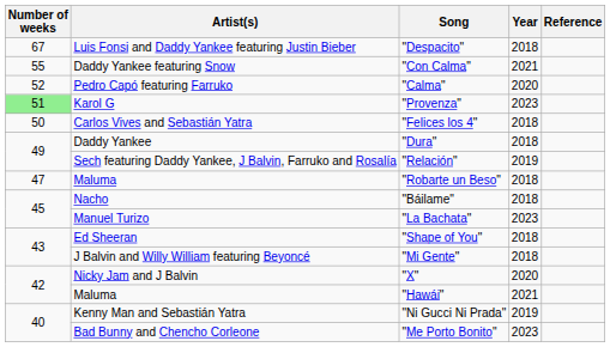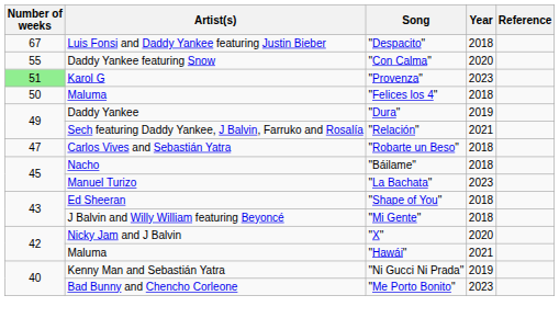 <table class="wikitable" style="font-size:95%;">
 <tr>
 <th>Number of <br> weeks</th>
 <th>Artist(s)</th>
 <th>Song</th>
 <th>Year</th>
 <th>Reference</th>
 </tr>
 <tr>
 <td style="text-align:center;">67</td>
 <td><a href='#'>Luis Fonsi</a> and <a href='#'>Daddy Yankee</a> featuring <a href='#'>Justin Bieber</a></td>
 <td>"<a href='#'>Despacito</a>"</td>
 <td>2018</td>
 <td align="center"></td>
 </tr>
 <tr>
 <td style="text-align:center;">55</td>
 <td>Daddy Yankee featuring <a href='#'>Snow</a></td>
 <td>"<a href='#'>Con Calma</a>"</td>
-<td>2021</td>
-<td align="center"></td>
-</tr>
-<tr>
-<td style="text-align:center;">52</td>
-<td><a href='#'>Pedro Capó</a> featuring <a href='#'>Farruko</a></td>
-<td>"<a href='#'>Calma</a>"</td>
 <td>2020</td>
 <td align="center"></td>
 </tr>
 <tr>
 <td style="background: lightgreen; text-align:center;">51</td>
 <td><a href='#'>Karol G</a></td>
 <td>"<a href='#'>Provenza</a>"</td>
 <td>2023</td>
 <td align="center"></td>
 </tr>
 <tr>
 <td style="text-align:center;">50</td>
-<td><a href='#'>Carlos Vives</a> and <a href='#'>Sebastián Yatra</a></td>
+<td><a href='#'>Maluma</a></td>
 <td>"<a href='#'>Felices los 4</a>"</td>
 <td>2018</td>
 <td align="center"></td>
 </tr>
 <tr>
 <td rowspan="2" style="text-align:center;">49</td>
 <td>Daddy Yankee</td>
 <td>"<a href='#'>Dura</a>"</td>
-<td>2018</td>
+<td>2019</td>
 <td align="center"></td>
 </tr>
 <tr>
 <td><a href='#'>Sech</a> featuring Daddy Yankee, <a href='#'>J Balvin</a>, Farruko and <a href='#'>Rosalía</a></td>
 <td>"<a href='#'>Relación</a>"</td>
-<td>2019</td>
+<td>2021</td>
 <td align="center"></td>
 </tr>
 <tr>
 <td style="text-align:center;">47</td>
-<td><a href='#'>Maluma</a></td>
+<td><a href='#'>Carlos Vives</a> and <a href='#'>Sebastián Yatra</a></td>
 <td>"<a href='#'>Robarte un Beso</a>"</td>
 <td>2018</td>
 <td align="center"></td>
 </tr>
 <tr>
 <td rowspan="2" style="text-align:center;">45</td>
 <td><a href='#'>Nacho</a></td>
 <td>"Báilame"</td>
 <td>2018</td>
 <td align="center"></td>
 </tr>
 <tr>
 <td><a href='#'>Manuel Turizo</a></td>
 <td>"<a href='#'>La Bachata</a>"</td>
 <td>2023</td>
 <td align="center"></td>
 </tr>
 <tr>
 <td rowspan="2" style="text-align:center;">43</td>
 <td><a href='#'>Ed Sheeran</a></td>
 <td>"<a href='#'>Shape of You</a>"</td>
 <td>2018</td>
 <td align="center"></td>
 </tr>
 <tr>
 <td>J Balvin and <a href='#'>Willy William</a> featuring <a href='#'>Beyoncé</a></td>
 <td>"<a href='#'>Mi Gente</a>"</td>
 <td>2018</td>
 <td align="center"></td>
 </tr>
 <tr>
 <td rowspan="2" style="text-align:center;">42</td>
 <td><a href='#'>Nicky Jam</a> and J Balvin</td>
 <td>"<a href='#'>X</a>"</td>
 <td>2020</td>
 <td align="center"></td>
 </tr>
 <tr>
 <td>Maluma</td>
 <td>"<a href='#'>Hawái</a>"</td>
 <td>2021</td>
 <td align="center"></td>
 </tr>
 <tr>
 <td rowspan="2" style="text-align:center;">40</td>
 <td>Kenny Man and Sebastián Yatra</td>
 <td>"Ni Gucci Ni Prada"</td>
 <td>2019</td>
 <td align="center"></td>
 </tr>
 <tr>
 <td><a href='#'>Bad Bunny</a> and <a href='#'>Chencho Corleone</a></td>
 <td>"<a href='#'>Me Porto Bonito</a>"</td>
 <td>2023</td>
 <td align="center"></td>
 </tr>
 </table>
